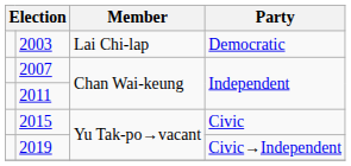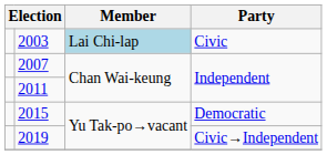 <table class="wikitable">
 <tr>
 <th colspan="2">Election</th>
 <th>Member</th>
 <th>Party</th>
 </tr>
 <tr>
 <td style="background-color: "></td>
 <td><a href='#'>2003</a></td>
-<td>Lai Chi-lap</td>
-<td><a href='#'>Democratic</a></td>
+<td style="background: lightblue;">Lai Chi-lap</td>
+<td><a href='#'>Civic</a></td>
 </tr>
 <tr>
 <td style="background-color: "></td>
 <td><a href='#'>2007</a></td>
 <td rowspan=2>Chan Wai-keung</td>
 <td rowspan=2><a href='#'>Independent</a></td>
 </tr>
 <tr>
 <td style="background-color: "></td>
 <td><a href='#'>2011</a></td>
 </tr>
 <tr>
 <td style="background-color: "></td>
 <td><a href='#'>2015</a></td>
 <td rowspan=2>Yu Tak-po→vacant</td>
-<td><a href='#'>Civic</a></td>
+<td><a href='#'>Democratic</a></td>
 </tr>
 <tr>
 <td style="background-color: "></td>
 <td><a href='#'>2019</a></td>
 <td><a href='#'>Civic</a>→<a href='#'>Independent</a></td>
 </tr>
 <tr>
 </tr>
 </table>
